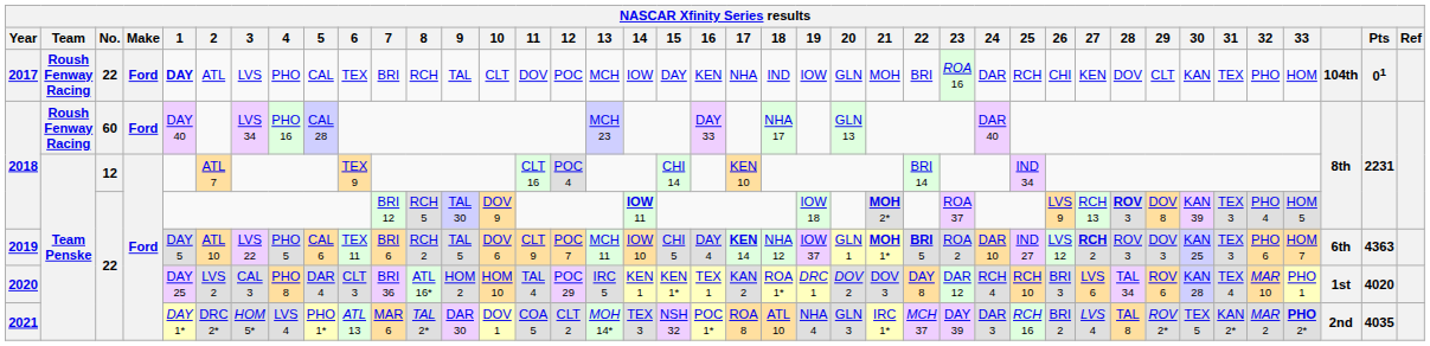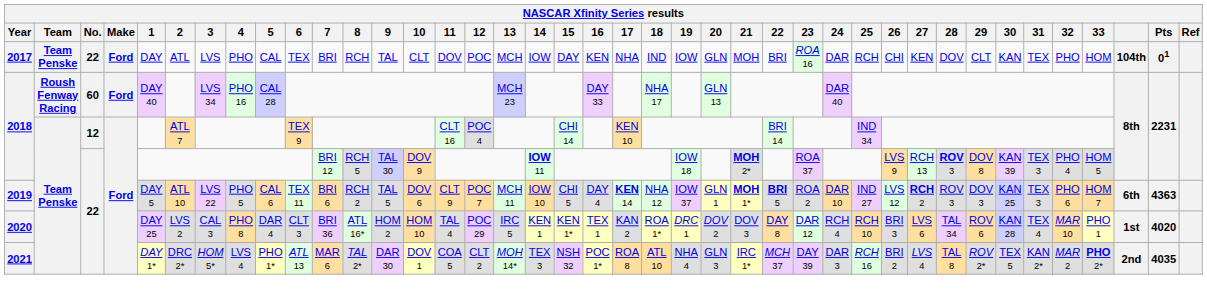 <table class="wikitable" style="text-align:center; font-size:75%">
 <tr>
 <th colspan=42><a href='#'>NASCAR Xfinity Series</a> results</th>
 </tr>
 <tr>
 <th>Year</th>
 <th>Team</th>
 <th>No.</th>
 <th>Make</th>
 <th>1</th>
 <th>2</th>
 <th>3</th>
 <th>4</th>
 <th>5</th>
 <th>6</th>
 <th>7</th>
 <th>8</th>
 <th>9</th>
 <th>10</th>
 <th>11</th>
 <th>12</th>
 <th>13</th>
 <th>14</th>
 <th>15</th>
 <th>16</th>
 <th>17</th>
 <th>18</th>
 <th>19</th>
 <th>20</th>
 <th>21</th>
 <th>22</th>
 <th>23</th>
 <th>24</th>
 <th>25</th>
 <th>26</th>
 <th>27</th>
 <th>28</th>
 <th>29</th>
 <th>30</th>
 <th>31</th>
 <th>32</th>
 <th>33</th>
 <th></th>
 <th>Pts</th>
 <th>Ref</th>
 </tr>
 <tr>
 <th><a href='#'>2017</a></th>
-<th><a href='#'>Roush Fenway Racing</a></th>
+<th><a href='#'>Team Penske</a></th>
 <th>22</th>
 <th><a href='#'>Ford</a></th>
-<td><strong><a href='#'>DAY</a></strong></td>
+<td><a href='#'>DAY</a></td>
 <td><a href='#'>ATL</a></td>
 <td><a href='#'>LVS</a></td>
 <td><a href='#'>PHO</a></td>
 <td><a href='#'>CAL</a></td>
 <td><a href='#'>TEX</a></td>
 <td><a href='#'>BRI</a></td>
 <td><a href='#'>RCH</a></td>
 <td><a href='#'>TAL</a></td>
 <td><a href='#'>CLT</a></td>
 <td><a href='#'>DOV</a></td>
 <td><a href='#'>POC</a></td>
 <td><a href='#'>MCH</a></td>
 <td><a href='#'>IOW</a></td>
 <td><a href='#'>DAY</a></td>
 <td><a href='#'>KEN</a></td>
 <td><a href='#'>NHA</a></td>
 <td><a href='#'>IND</a></td>
 <td><a href='#'>IOW</a></td>
 <td><a href='#'>GLN</a></td>
 <td><a href='#'>MOH</a></td>
 <td><a href='#'>BRI</a></td>
 <td style="background:#DFFFDF;"><em><a href='#'>ROA</a></em><br><small>16</small></td>
 <td><a href='#'>DAR</a></td>
 <td><a href='#'>RCH</a></td>
 <td><a href='#'>CHI</a></td>
 <td><a href='#'>KEN</a></td>
 <td><a href='#'>DOV</a></td>
 <td><a href='#'>CLT</a></td>
 <td><a href='#'>KAN</a></td>
 <td><a href='#'>TEX</a></td>
 <td><a href='#'>PHO</a></td>
 <td><a href='#'>HOM</a></td>
 <th>104th</th>
 <th>0<sup>1</sup></th>
 <th></th>
 </tr>
 <tr>
 <th rowspan=3><a href='#'>2018</a></th>
 <th><a href='#'>Roush Fenway Racing</a></th>
 <th>60</th>
 <th><a href='#'>Ford</a></th>
 <td style="background:#EFCFFF;"><a href='#'>DAY</a><br><small>40</small></td>
 <td></td>
 <td style="background:#EFCFFF;"><a href='#'>LVS</a><br><small>34</small></td>
 <td style="background:#DFFFDF;"><a href='#'>PHO</a><br><small>16</small></td>
 <td style="background:#CFCFFF;"><a href='#'>CAL</a><br><small>28</small></td>
 <td colspan=7></td>
 <td style="background:#CFCFFF;"><a href='#'>MCH</a><br><small>23</small></td>
 <td colspan=2></td>
 <td style="background:#EFCFFF;"><a href='#'>DAY</a><br><small>33</small></td>
 <td></td>
 <td style="background:#DFFFDF;"><a href='#'>NHA</a><br><small>17</small></td>
 <td></td>
 <td style="background:#DFFFDF;"><a href='#'>GLN</a><br><small>13</small></td>
 <td colspan=3></td>
 <td style="background:#EFCFFF;"><a href='#'>DAR</a><br><small>40</small></td>
 <td colspan=9></td>
 <th rowspan=3>8th</th>
 <th rowspan=3>2231</th>
 <th rowspan=3></th>
 </tr>
 <tr>
 <th rowspan=5><a href='#'>Team Penske</a></th>
 <th>12</th>
 <th rowspan=5><a href='#'>Ford</a></th>
 <td></td>
 <td style="background:#FFDF9F;"><a href='#'>ATL</a><br><small>7</small></td>
 <td colspan=3></td>
 <td style="background:#FFDF9F;"><a href='#'>TEX</a><br><small>9</small></td>
 <td colspan=4></td>
 <td style="background:#DFFFDF;"><a href='#'>CLT</a><br><small>16</small></td>
 <td style="background:#DFDFDF;"><a href='#'>POC</a><br><small>4</small></td>
 <td colspan=2></td>
 <td style="background:#DFFFDF;"><a href='#'>CHI</a><br><small>14</small></td>
 <td></td>
 <td style="background:#FFDF9F;"><a href='#'>KEN</a><br><small>10</small></td>
 <td colspan=4></td>
 <td style="background:#DFFFDF;"><a href='#'>BRI</a><br><small>14</small></td>
 <td colspan=2></td>
 <td style="background:#EFCFFF;"><a href='#'>IND</a><br><small>34</small></td>
 <td colspan=8></td>
 </tr>
 <tr>
 <th rowspan=4>22</th>
 <td colspan=6></td>
 <td style="background:#DFFFDF;"><a href='#'>BRI</a><br><small>12</small></td>
 <td style="background:#DFDFDF;"><a href='#'>RCH</a><br><small>5</small></td>
 <td style="background:#CFCFFF;"><a href='#'>TAL</a><br><small>30</small></td>
 <td style="background:#FFDF9F;"><a href='#'>DOV</a><br><small>9</small></td>
 <td colspan=3></td>
 <td style="background:#DFFFDF;"><strong><a href='#'>IOW</a></strong><br><small>11</small></td>
 <td colspan=4></td>
 <td style="background:#DFFFDF;"><a href='#'>IOW</a><br><small>18</small></td>
 <td></td>
 <td style="background:#DFDFDF;"><strong><a href='#'>MOH</a></strong><br><small>2*</small></td>
 <td></td>
 <td style="background:#EFCFFF;"><a href='#'>ROA</a><br><small>37</small></td>
 <td colspan=2></td>
 <td style="background:#FFDF9F;"><a href='#'>LVS</a><br><small>9</small></td>
 <td style="background:#DFFFDF;"><a href='#'>RCH</a><br><small>13</small></td>
 <td style="background:#DFDFDF;"><strong><a href='#'>ROV</a></strong><br><small>3</small></td>
 <td style="background:#FFDF9F;"><a href='#'>DOV</a><br><small>8</small></td>
 <td style="background:#EFCFFF;"><a href='#'>KAN</a><br><small>39</small></td>
 <td style="background:#DFDFDF;"><a href='#'>TEX</a><br><small>3</small></td>
 <td style="background:#DFDFDF;"><a href='#'>PHO</a><br><small>4</small></td>
 <td style="background:#DFDFDF;"><a href='#'>HOM</a><br><small>5</small></td>
 </tr>
 <tr>
 <th><a href='#'>2019</a></th>
 <td style="background:#DFDFDF;"><a href='#'>DAY</a><br><small>5</small></td>
 <td style="background:#FFDF9F;"><a href='#'>ATL</a><br><small>10</small></td>
 <td style="background:#EFCFFF;"><a href='#'>LVS</a><br><small>22</small></td>
 <td style="background:#DFDFDF;"><a href='#'>PHO</a><br><small>5</small></td>
 <td style="background:#FFDF9F;"><a href='#'>CAL</a><br><small>6</small></td>
 <td style="background:#DFFFDF;"><a href='#'>TEX</a><br><small>11</small></td>
 <td style="background:#FFDF9F;"><a href='#'>BRI</a><br><small>6</small></td>
 <td style="background:#DFDFDF;"><a href='#'>RCH</a><br><small>2</small></td>
 <td style="background:#DFDFDF;"><a href='#'>TAL</a><br><small>5</small></td>
 <td style="background:#FFDF9F;"><a href='#'>DOV</a><br><small>6</small></td>
 <td style="background:#FFDF9F;"><a href='#'>CLT</a><br><small>9</small></td>
 <td style="background:#FFDF9F;"><a href='#'>POC</a><br><small>7</small></td>
 <td style="background:#DFFFDF;"><a href='#'>MCH</a><br><small>11</small></td>
 <td style="background:#FFDF9F;"><a href='#'>IOW</a><br><small>10</small></td>
 <td style="background:#DFDFDF;"><a href='#'>CHI</a><br><small>5</small></td>
 <td style="background:#DFDFDF;"><a href='#'>DAY</a><br><small>4</small></td>
 <td style="background:#DFFFDF;"><strong><a href='#'>KEN</a></strong><br><small>14</small></td>
 <td style="background:#DFFFDF;"><a href='#'>NHA</a><br><small>12</small></td>
 <td style="background:#EFCFFF;"><a href='#'>IOW</a><br><small>37</small></td>
 <td style="background:#FFFFBF;"><a href='#'>GLN</a><br><small>1</small></td>
 <td style="background:#FFFFBF;"><strong><a href='#'>MOH</a></strong><br><small>1*</small></td>
 <td style="background:#DFDFDF;"><strong><a href='#'>BRI</a></strong><br><small>5</small></td>
 <td style="background:#DFDFDF;"><a href='#'>ROA</a><br><small>2</small></td>
 <td style="background:#FFDF9F;"><a href='#'>DAR</a><br><small>10</small></td>
 <td style="background:#EFCFFF;"><a href='#'>IND</a><br><small>27</small></td>
 <td style="background:#DFFFDF;"><a href='#'>LVS</a><br><small>12</small></td>
 <td style="background:#DFDFDF;"><strong><a href='#'>RCH</a></strong><br><small>2</small></td>
 <td style="background:#DFDFDF;"><a href='#'>ROV</a><br><small>3</small></td>
 <td style="background:#DFDFDF;"><a href='#'>DOV</a><br><small>3</small></td>
 <td style="background:#CFCFFF;"><a href='#'>KAN</a><br><small>25</small></td>
 <td style="background:#DFDFDF;"><a href='#'>TEX</a><br><small>3</small></td>
 <td style="background:#FFDF9F;"><a href='#'>PHO</a><br><small>6</small></td>
 <td style="background:#FFDF9F;"><a href='#'>HOM</a><br><small>7</small></td>
 <th>6th</th>
 <th>4363</th>
 <th></th>
 </tr>
 <tr>
 <th><a href='#'>2020</a></th>
 <td style="background:#EFCFFF;"><a href='#'>DAY</a><br><small>25</small></td>
 <td style="background:#DFDFDF;"><a href='#'>LVS</a><br><small>2</small></td>
 <td style="background:#DFDFDF;"><a href='#'>CAL</a><br><small>3</small></td>
 <td style="background:#FFDF9F;"><a href='#'>PHO</a><br><small>8</small></td>
 <td style="background:#DFDFDF;"><a href='#'>DAR</a><br><small>4</small></td>
 <td style="background:#DFDFDF;"><a href='#'>CLT</a><br><small>3</small></td>
 <td style="background:#EFCFFF;"><a href='#'>BRI</a><br><small>36</small></td>
 <td style="background:#DFFFDF;"><a href='#'>ATL</a><br><small>16*</small></td>
 <td style="background:#DFDFDF;"><a href='#'>HOM</a><br><small>2</small></td>
 <td style="background:#FFDF9F;"><a href='#'>HOM</a><br><small>10</small></td>
 <td style="background:#DFDFDF;"><a href='#'>TAL</a><br><small>4</small></td>
 <td style="background:#EFCFFF;"><a href='#'>POC</a><br><small>29</small></td>
 <td style="background:#DFDFDF;"><a href='#'>IRC</a><br><small>5</small></td>
 <td style="background:#FFFFBF;"><a href='#'>KEN</a><br><small>1</small></td>
 <td style="background:#FFFFBF;"><a href='#'>KEN</a><br><small>1*</small></td>
 <td style="background:#FFFFBF;"><a href='#'>TEX</a><br><small>1</small></td>
 <td style="background:#DFDFDF;"><a href='#'>KAN</a><br><small>2</small></td>
 <td style="background:#FFFFBF;"><a href='#'>ROA</a><br><small>1*</small></td>
 <td style="background:#FFFFBF;"><em><a href='#'>DRC</a></em><br><small>1</small></td>
 <td style="background:#DFDFDF;"><em><a href='#'>DOV</a></em><br><small>2</small></td>
 <td style="background:#DFDFDF;"><a href='#'>DOV</a><br><small>3</small></td>
 <td style="background:#FFDF9F;"><a href='#'>DAY</a><br><small>8</small></td>
 <td style="background:#DFFFDF;"><a href='#'>DAR</a><br><small>12</small></td>
 <td style="background:#DFDFDF;"><a href='#'>RCH</a><br><small>4</small></td>
 <td style="background:#FFDF9F;"><a href='#'>RCH</a><br><small>10</small></td>
 <td style="background:#DFDFDF;"><a href='#'>BRI</a><br><small>3</small></td>
 <td style="background:#FFDF9F;"><a href='#'>LVS</a><br><small>6</small></td>
 <td style="background:#EFCFFF;"><a href='#'>TAL</a><br><small>34</small></td>
 <td style="background:#FFDF9F;"><a href='#'>ROV</a><br><small>6</small></td>
 <td style="background:#CFCFFF;"><a href='#'>KAN</a><br><small>28</small></td>
 <td style="background:#DFDFDF;"><a href='#'>TEX</a><br><small>4</small></td>
 <td style="background:#FFDF9F;"><em><a href='#'>MAR</a></em><br><small>10</small></td>
 <td style="background:#FFFFBF;"><a href='#'>PHO</a><br><small>1</small></td>
 <th>1st</th>
 <th>4020</th>
 <th></th>
 </tr>
 <tr>
 <th><a href='#'>2021</a></th>
 <td style="background:#FFFFBF;"><em><a href='#'>DAY</a></em><br><small>1*</small></td>
 <td style="background:#DFDFDF;"><a href='#'>DRC</a><br><small>2*</small></td>
 <td style="background:#DFDFDF;"><em><a href='#'>HOM</a></em><br><small>5*</small></td>
 <td style="background:#DFDFDF;"><a href='#'>LVS</a><br><small>4</small></td>
 <td style="background:#FFFFBF;"><a href='#'>PHO</a><br><small>1*</small></td>
 <td style="background:#DFFFDF;"><em><a href='#'>ATL</a></em><br><small>13</small></td>
 <td style="background:#FFDF9F;"><a href='#'>MAR</a><br><small>6</small></td>
 <td style="background:#DFDFDF;"><em><a href='#'>TAL</a></em><br><small>2*</small></td>
 <td style="background:#EFCFFF;"><a href='#'>DAR</a><br><small>30</small></td>
 <td style="background:#FFFFBF;"><a href='#'>DOV</a><br><small>1</small></td>
 <td style="background:#DFDFDF;"><a href='#'>COA</a><br><small>5</small></td>
 <td style="background:#DFDFDF;"><a href='#'>CLT</a><br><small>2</small></td>
 <td style="background:#DFFFDF;"><em><a href='#'>MOH</a></em><br><small>14*</small></td>
 <td style="background:#DFDFDF;"><a href='#'>TEX</a><br><small>3</small></td>
 <td style="background:#EFCFFF;"><a href='#'>NSH</a><br><small>32</small></td>
 <td style="background:#FFFFBF;"><a href='#'>POC</a><br><small>1*</small></td>
 <td style="background:#FFDF9F;"><a href='#'>ROA</a><br><small>8</small></td>
 <td style="background:#FFDF9F;"><a href='#'>ATL</a><br><small>10</small></td>
 <td style="background:#DFDFDF;"><a href='#'>NHA</a><br><small>4</small></td>
 <td style="background:#DFDFDF;"><a href='#'>GLN</a><br><small>3</small></td>
 <td style="background:#FFFFBF;"><a href='#'>IRC</a><br><small>1*</small></td>
 <td style="background:#EFCFFF;"><em><a href='#'>MCH</a></em><br><small>37</small></td>
 <td style="background:#EFCFFF;"><a href='#'>DAY</a><br><small>39</small></td>
 <td style="background:#DFDFDF;"><a href='#'>DAR</a><br><small>3</small></td>
 <td style="background:#DFFFDF;"><em><a href='#'>RCH</a></em><br><small>16</small></td>
 <td style="background:#DFDFDF;"><a href='#'>BRI</a><br><small>2</small></td>
 <td style="background:#DFDFDF;"><em><a href='#'>LVS</a></em><br><small>4</small></td>
 <td style="background:#FFDF9F;"><a href='#'>TAL</a><br><small>8</small></td>
 <td style="background:#DFDFDF;"><em><a href='#'>ROV</a></em><br><small>2*</small></td>
 <td style="background:#DFDFDF;"><a href='#'>TEX</a><br><small>5</small></td>
 <td style="background:#DFDFDF;"><a href='#'>KAN</a><br><small>2*</small></td>
 <td style="background:#DFDFDF;'"><em><a href='#'>MAR</a></em><br><small>2</small></td>
 <td style="background:#DFDFDF;"><strong><a href='#'>PHO</a></strong><br><small>2*</small></td>
 <th>2nd</th>
 <th>4035</th>
 <th></th>
 </tr>
 </table>
